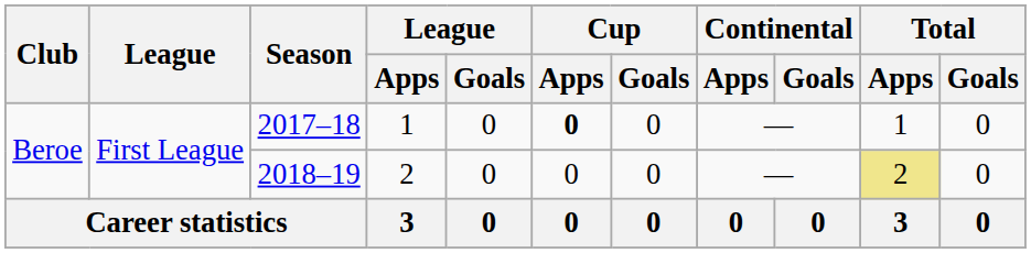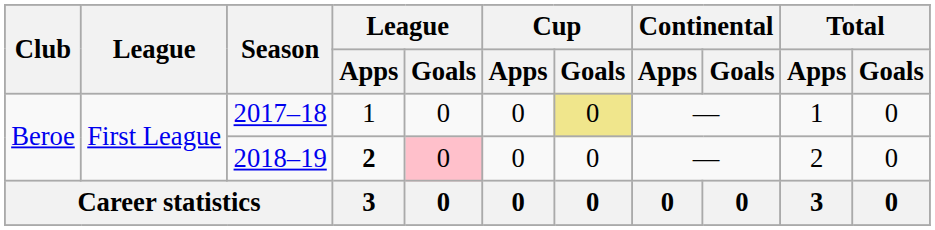 <table class="wikitable" style="font-size:90%; text-align: center">
 <tr>
 <th rowspan=2>Club</th>
 <th rowspan=2>League</th>
 <th rowspan=2>Season</th>
 <th colspan=2>League</th>
 <th colspan=2>Cup</th>
 <th colspan=2>Continental</th>
 <th colspan=2>Total</th>
 </tr>
 <tr>
 <th>Apps</th>
 <th>Goals</th>
 <th>Apps</th>
 <th>Goals</th>
 <th>Apps</th>
 <th>Goals</th>
 <th>Apps</th>
 <th>Goals</th>
 </tr>
 <tr>
 <td rowspan=2 valign="center"><a href='#'>Beroe</a></td>
 <td rowspan="2"><a href='#'>First League</a></td>
 <td><a href='#'>2017–18</a></td>
 <td>1</td>
 <td>0</td>
-<td><strong>0</strong></td>
 <td>0</td>
+<td style="background: khaki;">0</td>
 <td colspan="2">—</td>
 <td>1</td>
 <td>0</td>
 </tr>
 <tr>
 <td><a href='#'>2018–19</a></td>
-<td>2</td>
-<td>0</td>
+<td><strong>2</strong></td>
+<td style="background: pink;">0</td>
 <td>0</td>
 <td>0</td>
 <td colspan="2">—</td>
-<td style="background: khaki;">2</td>
+<td>2</td>
 <td>0</td>
 </tr>
 <tr>
 <th colspan=3>Career statistics</th>
 <th>3</th>
 <th>0</th>
 <th>0</th>
 <th>0</th>
 <th>0</th>
 <th>0</th>
 <th>3</th>
 <th>0</th>
 </tr>
 </table>
